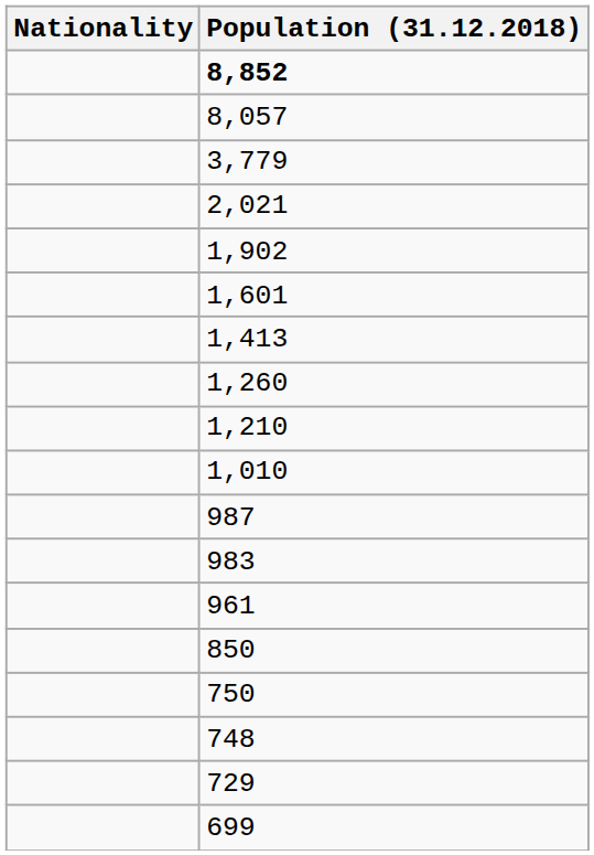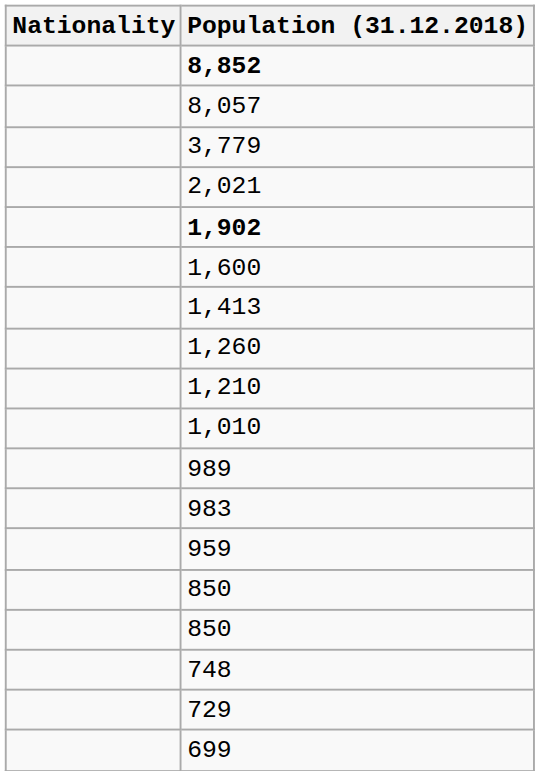 <table class="wikitable" style="float:right;">
 <tr>
 <th>Nationality</th>
 <th>Population (31.12.2018)</th>
 </tr>
 <tr>
 <td></td>
 <td><strong>8,852</strong></td>
 </tr>
 <tr>
 <td></td>
 <td>8,057</td>
 </tr>
 <tr>
 <td></td>
 <td>3,779</td>
 </tr>
 <tr>
 <td></td>
 <td>2,021</td>
 </tr>
 <tr>
 <td></td>
-<td>1,902</td>
+<td><strong>1,902</strong></td>
 </tr>
 <tr>
 <td></td>
-<td>1,601</td>
+<td>1,600</td>
 </tr>
 <tr>
 <td></td>
 <td>1,413</td>
 </tr>
 <tr>
 <td></td>
 <td>1,260</td>
 </tr>
 <tr>
 <td></td>
 <td>1,210</td>
 </tr>
 <tr>
 <td></td>
 <td>1,010</td>
 </tr>
 <tr>
 <td></td>
-<td>987</td>
+<td>989</td>
 </tr>
 <tr>
 <td></td>
 <td>983</td>
 </tr>
 <tr>
 <td></td>
-<td>961</td>
+<td>959</td>
 </tr>
 <tr>
 <td></td>
 <td>850</td>
 </tr>
 <tr>
 <td></td>
-<td>750</td>
+<td>850</td>
 </tr>
 <tr>
 <td></td>
 <td>748</td>
 </tr>
 <tr>
 <td></td>
 <td>729</td>
 </tr>
 <tr>
 <td></td>
 <td>699</td>
 </tr>
 <tr>
 </tr>
 </table>
